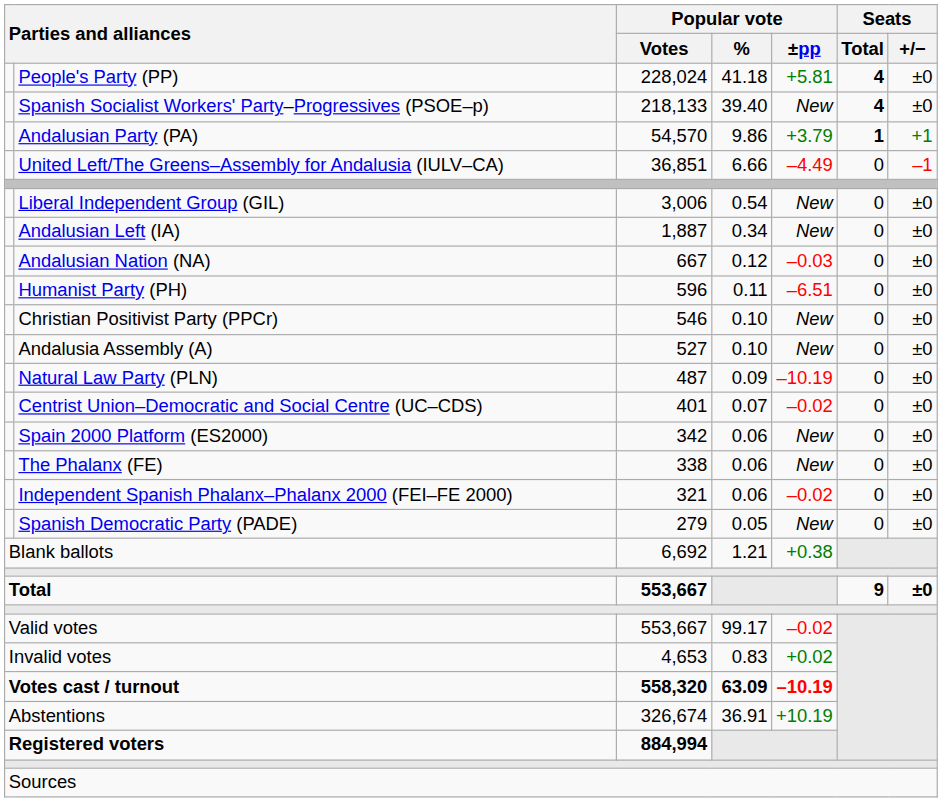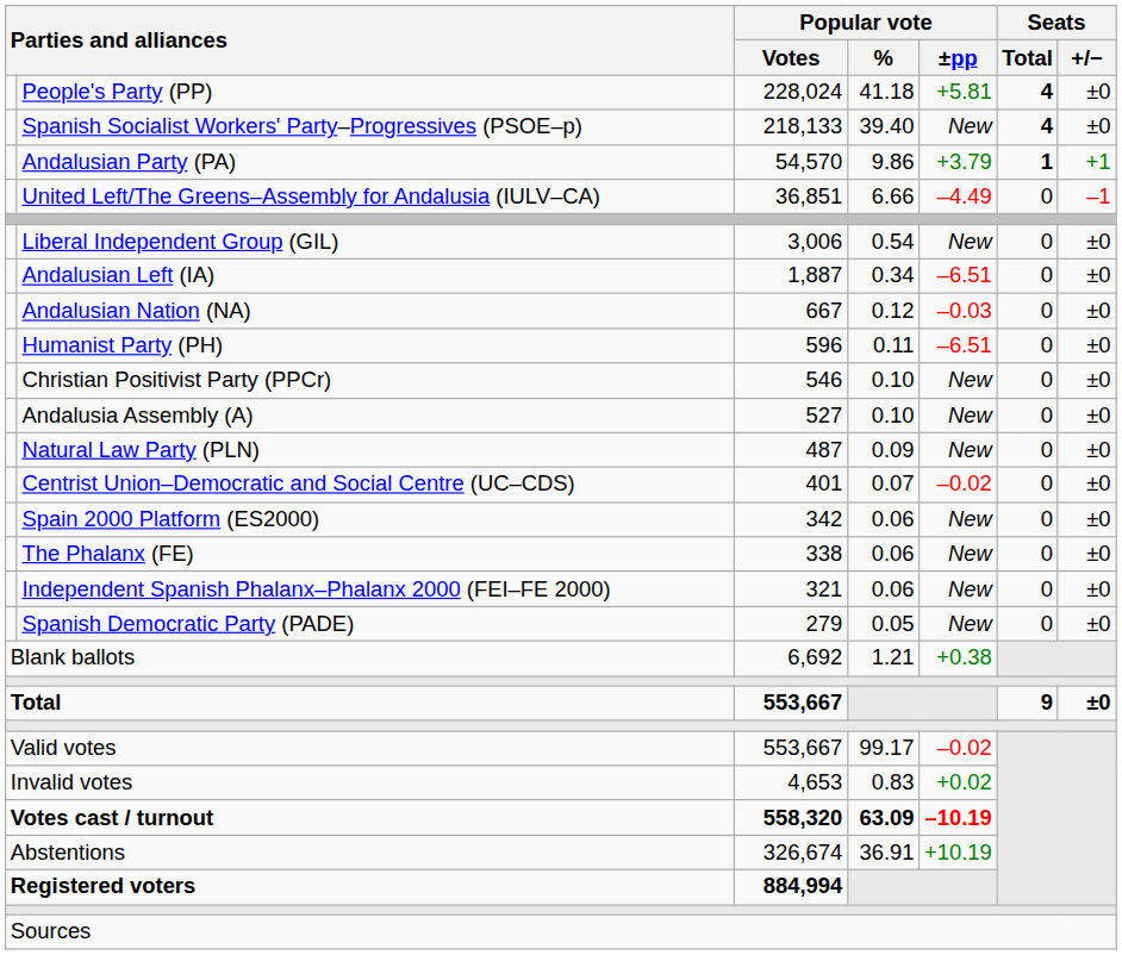 <table class="wikitable" style="text-align:right;">
 <tr>
 <th style="text-align:left;" rowspan="2" colspan="2" width="525">Parties and alliances</th>
 <th colspan="3">Popular vote</th>
 <th colspan="2">Seats</th>
 </tr>
 <tr>
 <th width="75">Votes</th>
 <th width="45">%</th>
 <th width="45">±<a href='#'>pp</a></th>
 <th width="35">Total</th>
 <th width="35">+/−</th>
 </tr>
 <tr>
 <td width="1" style="color:inherit;background:"></td>
 <td align="left"><a href='#'>People's Party</a> (PP)</td>
 <td>228,024</td>
 <td>41.18</td>
 <td style="color:green;">+5.81</td>
 <td><strong>4</strong></td>
 <td>±0</td>
 </tr>
 <tr>
 <td style="color:inherit;background:"></td>
 <td align="left"><a href='#'>Spanish Socialist Workers' Party</a>–<a href='#'>Progressives</a> (PSOE–p)</td>
 <td>218,133</td>
 <td>39.40</td>
 <td><em>New</em></td>
 <td><strong>4</strong></td>
 <td>±0</td>
 </tr>
 <tr>
 <td style="color:inherit;background:"></td>
 <td align="left"><a href='#'>Andalusian Party</a> (PA)</td>
 <td>54,570</td>
 <td>9.86</td>
 <td style="color:green;">+3.79</td>
 <td><strong>1</strong></td>
 <td style="color:green;">+1</td>
 </tr>
 <tr>
 <td style="color:inherit;background:"></td>
 <td align="left"><a href='#'>United Left/The Greens–Assembly for Andalusia</a> (IULV–CA)</td>
 <td>36,851</td>
 <td>6.66</td>
 <td style="color:red;">–4.49</td>
 <td>0</td>
 <td style="color:red;">–1</td>
 </tr>
 <tr>
 <td colspan="7" bgcolor="#C0C0C0"></td>
 </tr>
 <tr>
 <td style="color:inherit;background:"></td>
 <td align="left"><a href='#'>Liberal Independent Group</a> (GIL)</td>
 <td>3,006</td>
 <td>0.54</td>
 <td><em>New</em></td>
 <td>0</td>
 <td>±0</td>
 </tr>
 <tr>
 <td style="color:inherit;background:"></td>
 <td align="left"><a href='#'>Andalusian Left</a> (IA)</td>
 <td>1,887</td>
 <td>0.34</td>
-<td><em>New</em></td>
+<td style="color:red;">–6.51</td>
 <td>0</td>
 <td>±0</td>
 </tr>
 <tr>
 <td style="color:inherit;background:"></td>
 <td align="left"><a href='#'>Andalusian Nation</a> (NA)</td>
 <td>667</td>
 <td>0.12</td>
 <td style="color:red;">–0.03</td>
 <td>0</td>
 <td>±0</td>
 </tr>
 <tr>
 <td style="color:inherit;background:"></td>
 <td align="left"><a href='#'>Humanist Party</a> (PH)</td>
 <td>596</td>
 <td>0.11</td>
 <td style="color:red;">–6.51</td>
 <td>0</td>
 <td>±0</td>
 </tr>
 <tr>
 <td style="color:inherit;background:"></td>
 <td align="left">Christian Positivist Party (PPCr)</td>
 <td>546</td>
 <td>0.10</td>
 <td><em>New</em></td>
 <td>0</td>
 <td>±0</td>
 </tr>
 <tr>
 <td style="color:inherit;background:"></td>
 <td align="left">Andalusia Assembly (A)</td>
 <td>527</td>
 <td>0.10</td>
 <td><em>New</em></td>
 <td>0</td>
 <td>±0</td>
 </tr>
 <tr>
 <td style="color:inherit;background:"></td>
 <td align="left"><a href='#'>Natural Law Party</a> (PLN)</td>
 <td>487</td>
 <td>0.09</td>
-<td style="color:red;">–10.19</td>
+<td><em>New</em></td>
 <td>0</td>
 <td>±0</td>
 </tr>
 <tr>
 <td style="color:inherit;background:"></td>
 <td align="left"><a href='#'>Centrist Union–Democratic and Social Centre</a> (UC–CDS)</td>
 <td>401</td>
 <td>0.07</td>
 <td style="color:red;">–0.02</td>
 <td>0</td>
 <td>±0</td>
 </tr>
 <tr>
 <td style="color:inherit;background:"></td>
 <td align="left"><a href='#'>Spain 2000 Platform</a> (ES2000)</td>
 <td>342</td>
 <td>0.06</td>
 <td><em>New</em></td>
 <td>0</td>
 <td>±0</td>
 </tr>
 <tr>
 <td style="color:inherit;background:"></td>
 <td align="left"><a href='#'>The Phalanx</a> (FE)</td>
 <td>338</td>
 <td>0.06</td>
 <td><em>New</em></td>
 <td>0</td>
 <td>±0</td>
 </tr>
 <tr>
 <td style="color:inherit;background:"></td>
 <td align="left"><a href='#'>Independent Spanish Phalanx–Phalanx 2000</a> (FEI–FE 2000)</td>
 <td>321</td>
 <td>0.06</td>
-<td style="color:red;">–0.02</td>
+<td><em>New</em></td>
 <td>0</td>
 <td>±0</td>
 </tr>
 <tr>
 <td style="color:inherit;background:"></td>
 <td align="left"><a href='#'>Spanish Democratic Party</a> (PADE)</td>
 <td>279</td>
 <td>0.05</td>
 <td><em>New</em></td>
 <td>0</td>
 <td>±0</td>
 </tr>
 <tr>
 <td align="left" colspan="2">Blank ballots</td>
 <td>6,692</td>
 <td>1.21</td>
 <td style="color:green;">+0.38</td>
 <td bgcolor="#E9E9E9" colspan="2"></td>
 </tr>
 <tr>
 <td colspan="7" bgcolor="#E9E9E9"></td>
 </tr>
 <tr style="font-weight:bold;">
 <td align="left" colspan="2">Total</td>
 <td>553,667</td>
 <td bgcolor="#E9E9E9" colspan="2"></td>
 <td>9</td>
 <td>±0</td>
 </tr>
 <tr>
 <td colspan="7" bgcolor="#E9E9E9"></td>
 </tr>
 <tr>
 <td align="left" colspan="2">Valid votes</td>
 <td>553,667</td>
 <td>99.17</td>
 <td style="color:red;">–0.02</td>
 <td bgcolor="#E9E9E9" colspan="2" rowspan="5"></td>
 </tr>
 <tr>
 <td align="left" colspan="2">Invalid votes</td>
 <td>4,653</td>
 <td>0.83</td>
 <td style="color:green;">+0.02</td>
 </tr>
 <tr style="font-weight:bold;">
 <td align="left" colspan="2">Votes cast / turnout</td>
 <td>558,320</td>
 <td>63.09</td>
 <td style="color:red;">–10.19</td>
 </tr>
 <tr>
 <td align="left" colspan="2">Abstentions</td>
 <td>326,674</td>
 <td>36.91</td>
 <td style="color:green;">+10.19</td>
 </tr>
 <tr style="font-weight:bold;">
 <td align="left" colspan="2">Registered voters</td>
 <td>884,994</td>
 <td bgcolor="#E9E9E9" colspan="2"></td>
 </tr>
 <tr>
 <td colspan="7" bgcolor="#E9E9E9"></td>
 </tr>
 <tr>
 <td align="left" colspan="7">Sources</td>
 </tr>
 </table>
